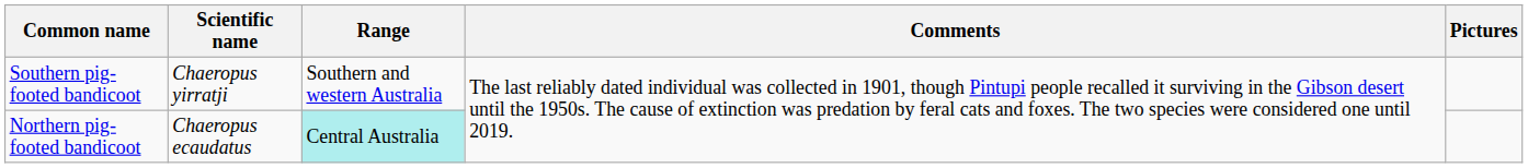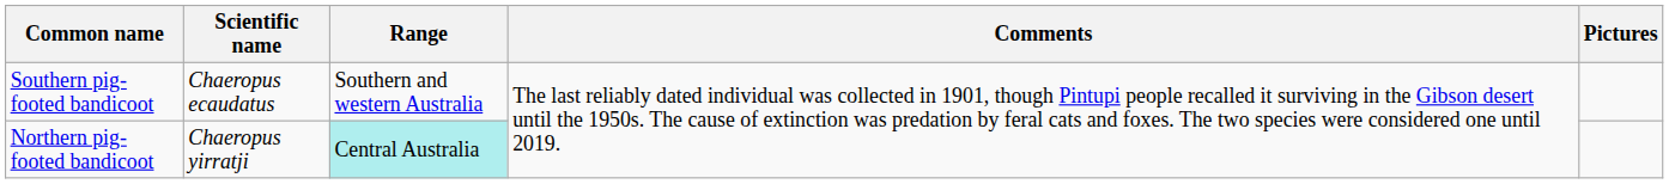 <table class="wikitable sortable">
 <tr>
 <th>Common name</th>
 <th>Scientific name</th>
 <th>Range</th>
 <th class="unsortable">Comments</th>
 <th class="unsortable">Pictures</th>
 </tr>
 <tr>
 <td><a href='#'>Southern pig-footed bandicoot</a></td>
-<td><em>Chaeropus yirratji</em></td>
+<td><em>Chaeropus ecaudatus</em></td>
 <td>Southern and <a href='#'>western Australia</a></td>
 <td rowspan="2">The last reliably dated individual was collected in 1901, though <a href='#'>Pintupi</a> people recalled it surviving in the <a href='#'>Gibson desert</a> until the 1950s. The cause of extinction was predation by feral cats and foxes. The two species were considered one until 2019.</td>
 <td></td>
 </tr>
 <tr>
 <td><a href='#'>Northern pig-footed bandicoot</a></td>
-<td><em>Chaeropus ecaudatus</em></td>
+<td><em>Chaeropus yirratji</em></td>
 <td style="background: paleturquoise;">Central Australia</td>
 <td></td>
 </tr>
 </table>
